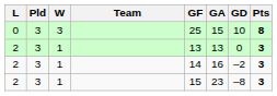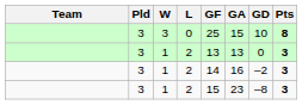 <table class="wikitable" style="text-align:center;">
 <tr>
-<th width=25>L</th>
+<th width=160>Team</th>
 <th width=25>Pld</th>
 <th width=25>W</th>
-<th width=160>Team</th>
+<th width=25>L</th>
 <th width=25>GF</th>
 <th width=25>GA</th>
 <th width=25>GD</th>
 <th width=25>Pts</th>
 </tr>
 <tr bgcolor=#ccffcc>
-<td>0</td>
+<td align=left></td>
 <td>3</td>
 <td>3</td>
-<td align=left></td>
+<td>0</td>
 <td>25</td>
 <td>15</td>
 <td>10</td>
 <td><strong>8</strong></td>
 </tr>
 <tr bgcolor=#ccffcc>
-<td>2</td>
+<td align=left></td>
 <td>3</td>
 <td>1</td>
-<td align=left></td>
+<td>2</td>
 <td>13</td>
 <td>13</td>
 <td>0</td>
 <td><strong>3</strong></td>
 </tr>
 <tr>
-<td>2</td>
+<td align=left></td>
 <td>3</td>
 <td>1</td>
-<td align=left></td>
+<td>2</td>
 <td>14</td>
 <td>16</td>
 <td>–2</td>
 <td><strong>3</strong></td>
 </tr>
 <tr>
-<td>2</td>
+<td align=left></td>
 <td>3</td>
 <td>1</td>
-<td align=left></td>
+<td>2</td>
 <td>15</td>
 <td>23</td>
 <td>–8</td>
 <td><strong>3</strong></td>
 </tr>
 </table>
